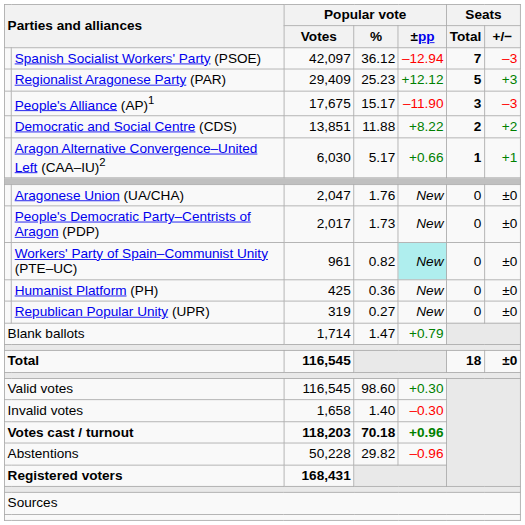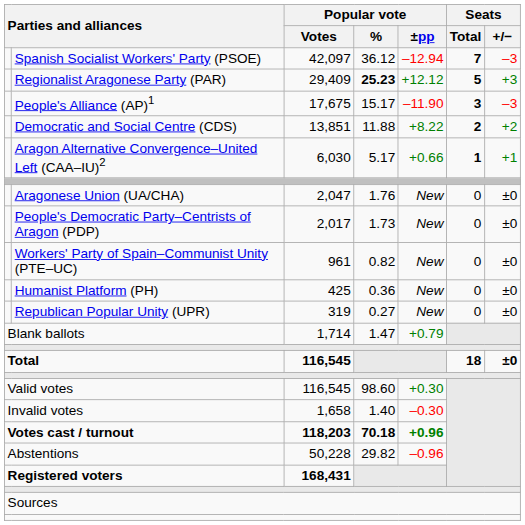 <table class="wikitable" style="text-align:right;">
 <tr>
 <th style="text-align:left;" rowspan="2" colspan="2" width="525">Parties and alliances</th>
 <th colspan="3">Popular vote</th>
 <th colspan="2">Seats</th>
 </tr>
 <tr>
 <th width="75">Votes</th>
 <th width="45">%</th>
 <th width="45">±<a href='#'>pp</a></th>
 <th width="35">Total</th>
 <th width="35">+/−</th>
 </tr>
 <tr>
 <td width="1" style="color:inherit;background:"></td>
 <td align="left"><a href='#'>Spanish Socialist Workers' Party</a> (PSOE)</td>
 <td>42,097</td>
 <td>36.12</td>
 <td style="color:red;">–12.94</td>
 <td><strong>7</strong></td>
 <td style="color:red;">–3</td>
 </tr>
 <tr>
 <td style="color:inherit;background:"></td>
 <td align="left"><a href='#'>Regionalist Aragonese Party</a> (PAR)</td>
 <td>29,409</td>
-<td>25.23</td>
+<td><strong>25.23</strong></td>
 <td style="color:green;">+12.12</td>
 <td><strong>5</strong></td>
 <td style="color:green;">+3</td>
 </tr>
 <tr>
 <td style="color:inherit;background:"></td>
 <td align="left"><a href='#'>People's Alliance</a> (AP)<sup>1</sup></td>
 <td>17,675</td>
 <td>15.17</td>
 <td style="color:red;">–11.90</td>
 <td><strong>3</strong></td>
 <td style="color:red;">–3</td>
 </tr>
 <tr>
 <td style="color:inherit;background:"></td>
 <td align="left"><a href='#'>Democratic and Social Centre</a> (CDS)</td>
 <td>13,851</td>
 <td>11.88</td>
 <td style="color:green;">+8.22</td>
 <td><strong>2</strong></td>
 <td style="color:green;">+2</td>
 </tr>
 <tr>
 <td style="color:inherit;background:"></td>
 <td align="left"><a href='#'>Aragon Alternative Convergence–United Left</a> (CAA–IU)<sup>2</sup></td>
 <td>6,030</td>
 <td>5.17</td>
 <td style="color:green;">+0.66</td>
 <td><strong>1</strong></td>
 <td style="color:green;">+1</td>
 </tr>
 <tr>
 <td colspan="7" bgcolor="#C0C0C0"></td>
 </tr>
 <tr>
 <td style="color:inherit;background:"></td>
 <td align="left"><a href='#'>Aragonese Union</a> (UA/CHA)</td>
 <td>2,047</td>
 <td>1.76</td>
 <td><em>New</em></td>
 <td>0</td>
 <td>±0</td>
 </tr>
 <tr>
 <td style="color:inherit;background:"></td>
 <td align="left"><a href='#'>People's Democratic Party–Centrists of Aragon</a> (PDP)</td>
 <td>2,017</td>
 <td>1.73</td>
 <td><em>New</em></td>
 <td>0</td>
 <td>±0</td>
 </tr>
 <tr>
 <td style="color:inherit;background:"></td>
 <td align="left"><a href='#'>Workers' Party of Spain–Communist Unity</a> (PTE–UC)</td>
 <td>961</td>
 <td>0.82</td>
-<td style="background: paleturquoise;"><em>New</em></td>
+<td><em>New</em></td>
 <td>0</td>
 <td>±0</td>
 </tr>
 <tr>
 <td style="color:inherit;background:"></td>
 <td align="left"><a href='#'>Humanist Platform</a> (PH)</td>
 <td>425</td>
 <td>0.36</td>
 <td><em>New</em></td>
 <td>0</td>
 <td>±0</td>
 </tr>
 <tr>
 <td style="color:inherit;background:"></td>
 <td align="left"><a href='#'>Republican Popular Unity</a> (UPR)</td>
 <td>319</td>
 <td>0.27</td>
 <td><em>New</em></td>
 <td>0</td>
 <td>±0</td>
 </tr>
 <tr>
 <td align="left" colspan="2">Blank ballots</td>
 <td>1,714</td>
 <td>1.47</td>
 <td style="color:green;">+0.79</td>
 <td bgcolor="#E9E9E9" colspan="2"></td>
 </tr>
 <tr>
 <td colspan="7" bgcolor="#E9E9E9"></td>
 </tr>
 <tr style="font-weight:bold;">
 <td align="left" colspan="2">Total</td>
 <td>116,545</td>
 <td bgcolor="#E9E9E9" colspan="2"></td>
 <td>18</td>
 <td>±0</td>
 </tr>
 <tr>
 <td colspan="7" bgcolor="#E9E9E9"></td>
 </tr>
 <tr>
 <td align="left" colspan="2">Valid votes</td>
 <td>116,545</td>
 <td>98.60</td>
 <td style="color:green;">+0.30</td>
 <td bgcolor="#E9E9E9" colspan="2" rowspan="5"></td>
 </tr>
 <tr>
 <td align="left" colspan="2">Invalid votes</td>
 <td>1,658</td>
 <td>1.40</td>
 <td style="color:red;">–0.30</td>
 </tr>
 <tr style="font-weight:bold;">
 <td align="left" colspan="2">Votes cast / turnout</td>
 <td>118,203</td>
 <td>70.18</td>
 <td style="color:green;">+0.96</td>
 </tr>
 <tr>
 <td align="left" colspan="2">Abstentions</td>
 <td>50,228</td>
 <td>29.82</td>
 <td style="color:red;">–0.96</td>
 </tr>
 <tr style="font-weight:bold;">
 <td align="left" colspan="2">Registered voters</td>
 <td>168,431</td>
 <td bgcolor="#E9E9E9" colspan="2"></td>
 </tr>
 <tr>
 <td colspan="7" bgcolor="#E9E9E9"></td>
 </tr>
 <tr>
 <td align="left" colspan="7">Sources</td>
 </tr>
 <tr>
 <td colspan="7" style="text-align:left; max-width:790px;"></td>
 </tr>
 </table>
